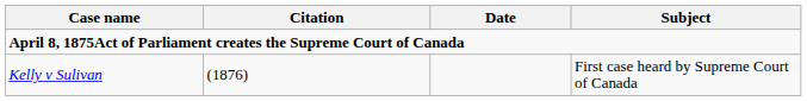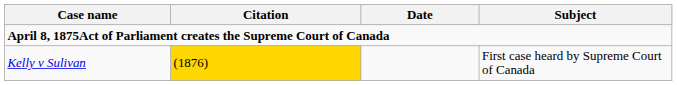 <table class="wikitable" width=825>
 <tr bgcolor="#CCCCCC">
 <th width=34>Case name</th>
 <th width=16>Citation</th>
 <th font=small width=16>Date</th>
 <th width=33>Subject</th>
 </tr>
 <tr>
 <td colspan=4><strong>April 8, 1875Act of Parliament creates the Supreme Court of Canada</strong></td>
 </tr>
 <tr>
 <td><em><a href='#'>Kelly v Sulivan</a></em></td>
-<td>(1876)</td>
+<td style="background: gold;">(1876)</td>
 <td></td>
 <td>First case heard by Supreme Court of Canada</td>
 </tr>
 </table>
